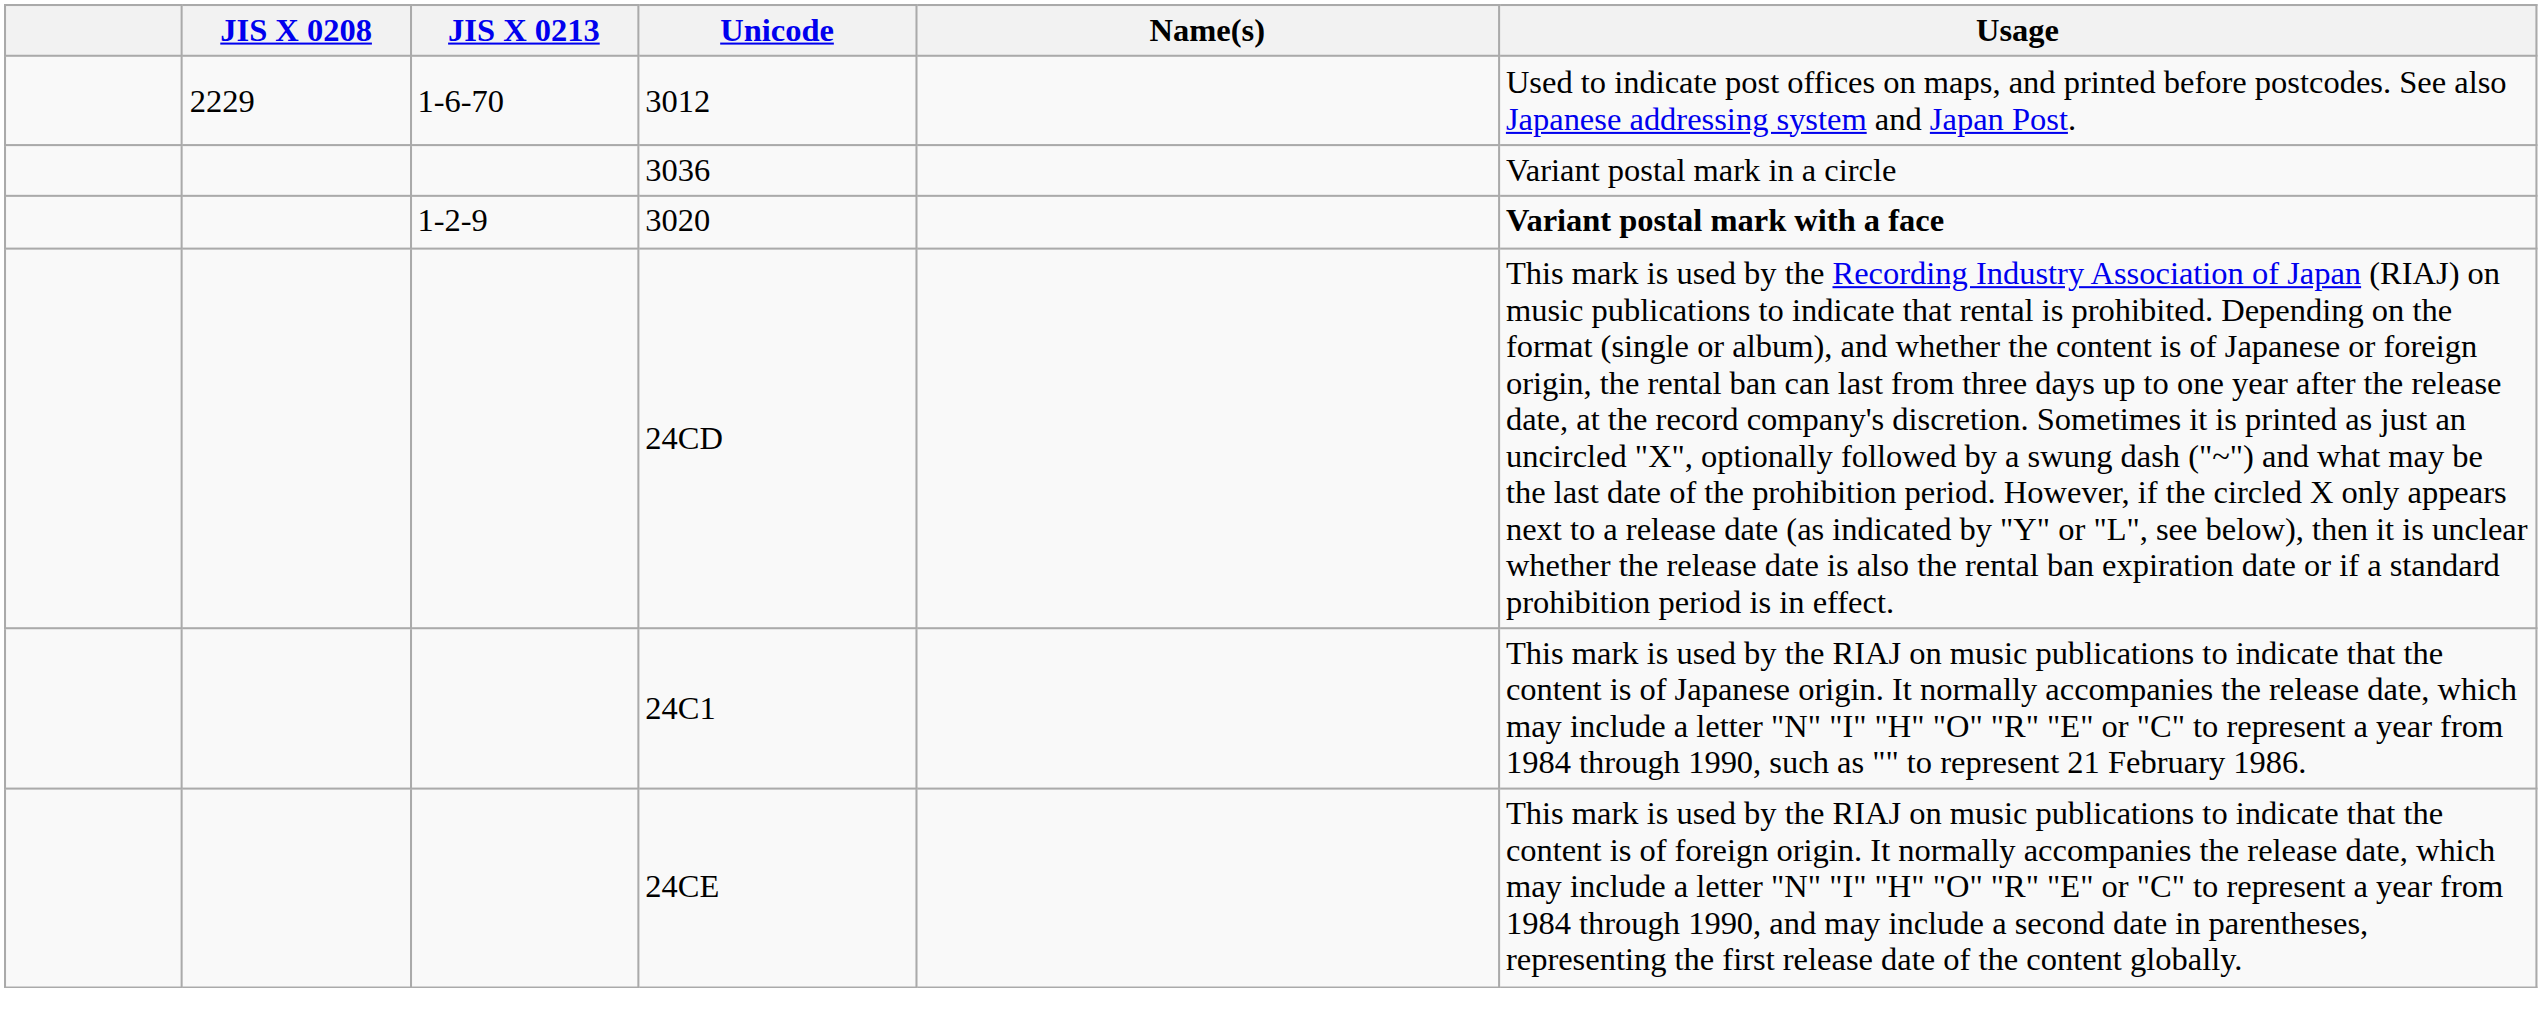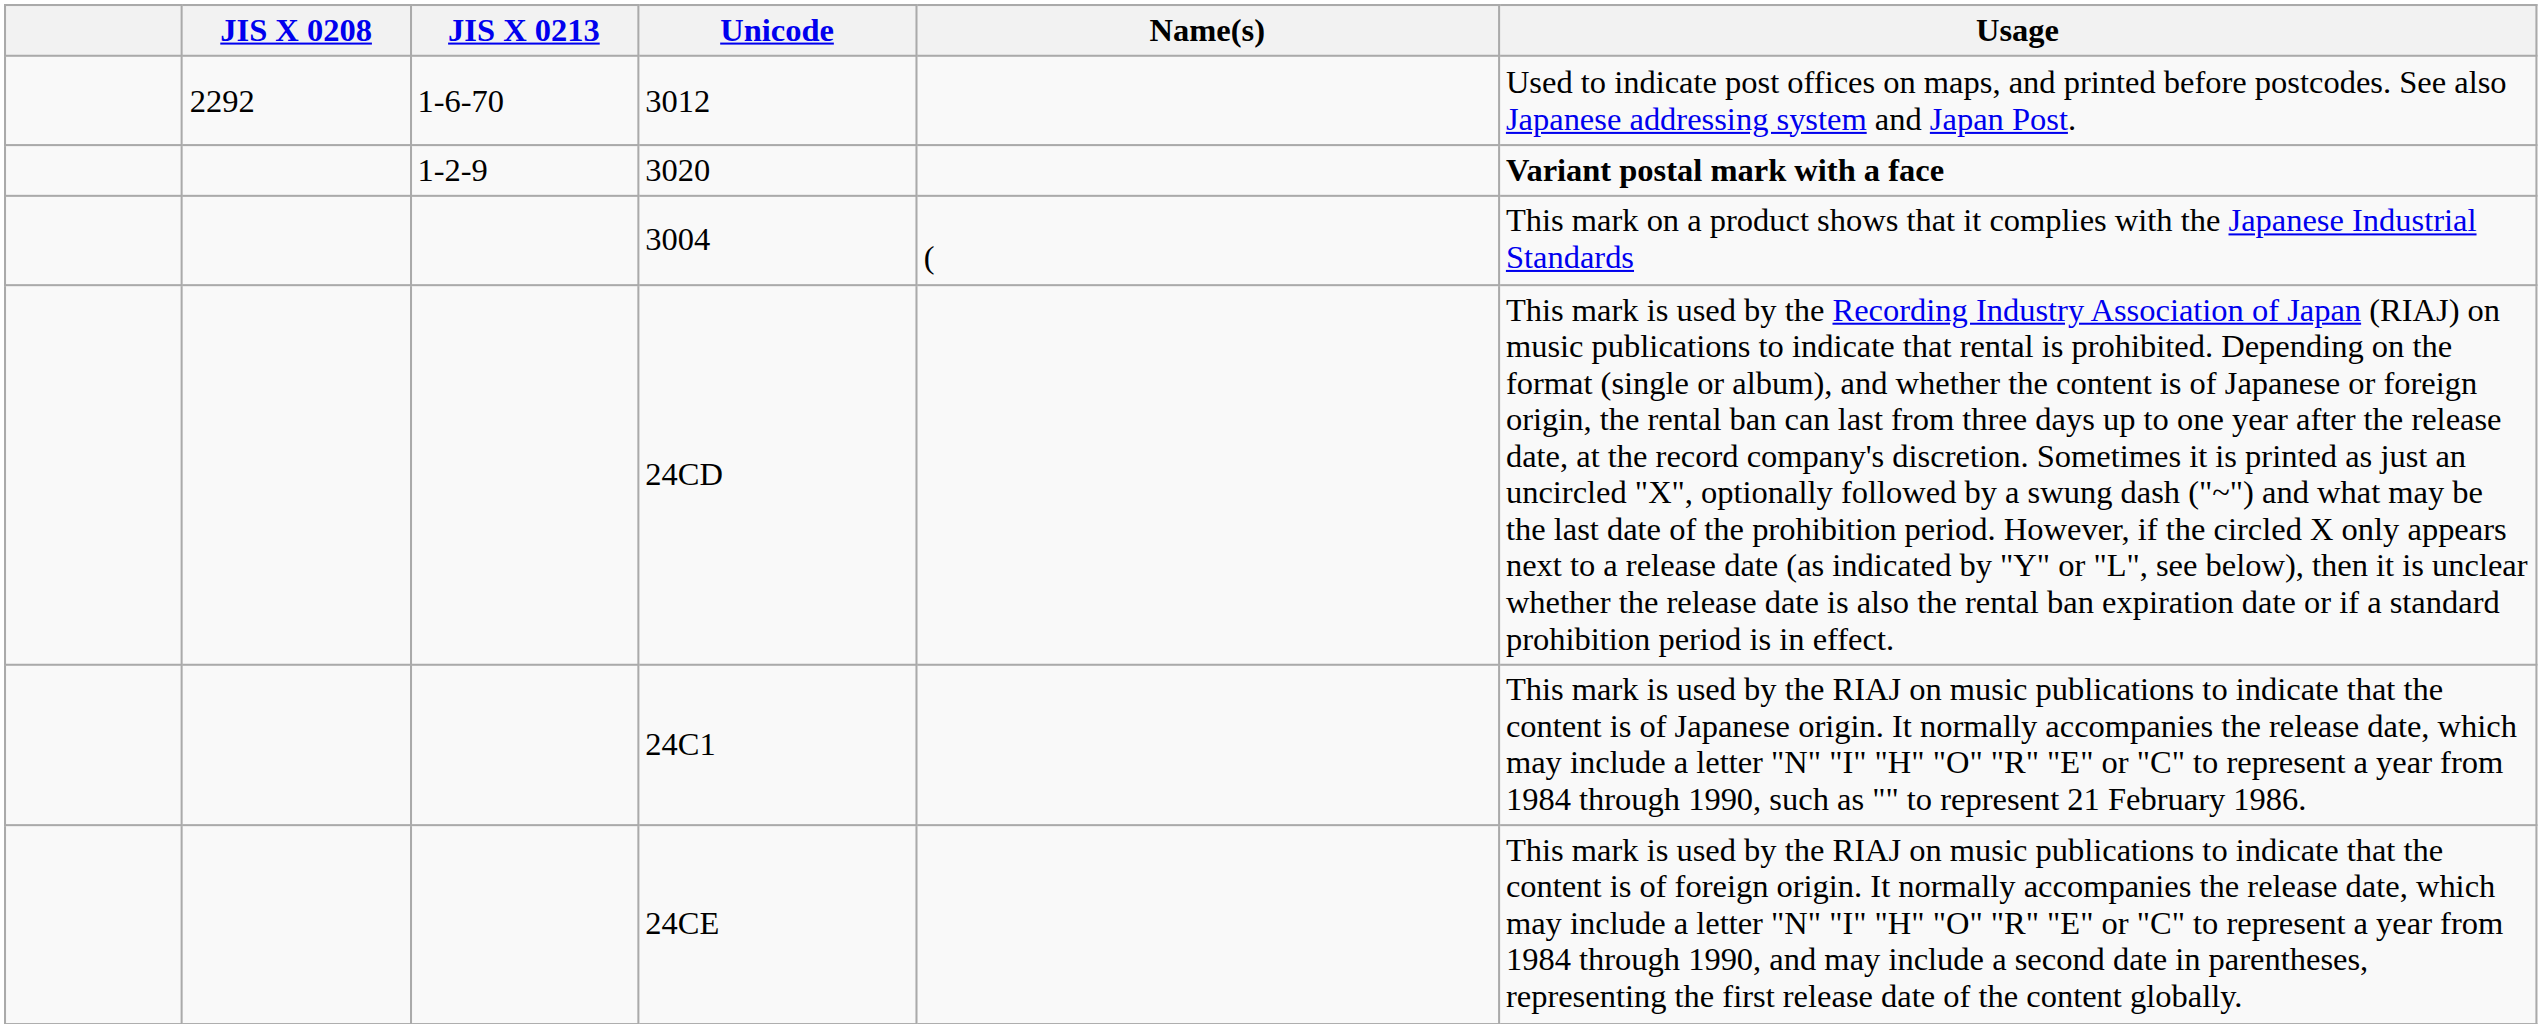 <table class="wikitable">
 <tr>
 <th style="width:7%"></th>
 <th style="width:9%"><a href='#'>JIS X 0208</a></th>
 <th style="width:9%"><a href='#'>JIS X 0213</a></th>
 <th style="width:11%"><a href='#'>Unicode</a></th>
 <th style="width:23%">Name(s)</th>
 <th style="width:41%">Usage</th>
 </tr>
 <tr>
 <td style="font-size: 2em;"></td>
-<td>2229</td>
+<td>2292</td>
 <td>1-6-70</td>
 <td>3012</td>
 <td><br></td>
 <td>Used to indicate post offices on maps, and printed before postcodes. See also <a href='#'>Japanese addressing system</a> and <a href='#'>Japan Post</a>.</td>
 </tr>
 <tr>
 <td style="font-size: 2em;"></td>
 <td></td>
+<td>1-2-9</td>
+<td>3020</td>
 <td></td>
-<td>3036</td>
-<td></td>
-<td>Variant postal mark in a circle</td>
+<td><strong>Variant postal mark with a face</strong></td>
 </tr>
 <tr>
 <td style="font-size: 2em;"></td>
 <td></td>
-<td>1-2-9</td>
-<td>3020</td>
 <td></td>
-<td><strong>Variant postal mark with a face</strong></td>
+<td>3004</td>
+<td><br>(<br> </td>
+<td>This mark on a product shows that it complies with the <a href='#'>Japanese Industrial Standards</a></td>
 </tr>
 <tr>
 <td style="font-size: 2em;"></td>
 <td></td>
 <td></td>
 <td>24CD</td>
 <td></td>
 <td>This mark is used by the <a href='#'>Recording Industry Association of Japan</a> (RIAJ) on music publications to indicate that rental is prohibited. Depending on the format (single or album), and whether the content is of Japanese or foreign origin, the rental ban can last from three days up to one year after the release date, at the record company's discretion. Sometimes it is printed as just an uncircled "X", optionally followed by a swung dash ("~") and what may be the last date of the prohibition period. However, if the circled X only appears next to a release date (as indicated by "Y" or "L", see below), then it is unclear whether the release date is also the rental ban expiration date or if a standard prohibition period is in effect.</td>
 </tr>
 <tr>
 <td style="font-size: 2em;"></td>
 <td></td>
 <td></td>
 <td>24C1</td>
 <td></td>
 <td>This mark is used by the RIAJ on music publications to indicate that the content is of Japanese origin. It normally accompanies the release date, which may include a letter "N" "I" "H" "O" "R" "E" or "C" to represent a year from 1984 through 1990, such as "" to represent 21 February 1986.</td>
 </tr>
 <tr>
 <td style="font-size: 2em;"></td>
 <td></td>
 <td></td>
 <td>24CE</td>
 <td></td>
 <td>This mark is used by the RIAJ on music publications to indicate that the content is of foreign origin. It normally accompanies the release date, which may include a letter "N" "I" "H" "O" "R" "E" or "C" to represent a year from 1984 through 1990, and may include a second date in parentheses, representing the first release date of the content globally.</td>
 </tr>
 </table>
